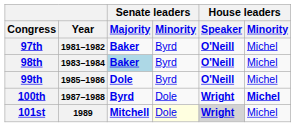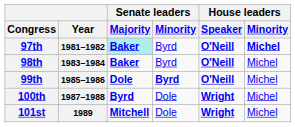 <table class="wikitable" style="margin-left:1em">
 <tr>
 <th colspan=2></th>
 <th colspan=2>Senate leaders</th>
 <th colspan=2>House leaders</th>
 </tr>
 <tr>
 <th>Congress</th>
 <th>Year</th>
 <th><a href='#'>Majority</a></th>
 <th><a href='#'>Minority</a></th>
 <th><a href='#'>Speaker</a></th>
 <th><a href='#'>Minority</a></th>
 </tr>
 <tr>
 <th><a href='#'>97th</a></th>
 <th><small>1981–1982</small></th>
-<td><strong><a href='#'>Baker</a></strong></td>
+<td style="background: paleturquoise;"><strong><a href='#'>Baker</a></strong></td>
 <td><a href='#'>Byrd</a></td>
 <td><strong><a href='#'>O'Neill</a></strong></td>
-<td><a href='#'>Michel</a></td>
+<td><strong><a href='#'>Michel</a></strong></td>
 </tr>
 <tr>
 <th><a href='#'>98th</a></th>
 <th><small>1983–1984</small></th>
-<td style="background: lightblue;"><strong><a href='#'>Baker</a></strong></td>
+<td><strong><a href='#'>Baker</a></strong></td>
 <td><a href='#'>Byrd</a></td>
 <td><strong><a href='#'>O'Neill</a></strong></td>
 <td><a href='#'>Michel</a></td>
 </tr>
 <tr>
 <th><a href='#'>99th</a></th>
 <th><small>1985–1986</small></th>
 <td><strong><a href='#'>Dole</a></strong></td>
-<td><a href='#'>Byrd</a></td>
+<td><strong><a href='#'>Byrd</a></strong></td>
 <td><strong><a href='#'>O'Neill</a></strong></td>
 <td><a href='#'>Michel</a></td>
 </tr>
 <tr>
 <th><a href='#'>100th</a></th>
 <th><small>1987–1988</small></th>
 <td><strong><a href='#'>Byrd</a></strong></td>
 <td><a href='#'>Dole</a></td>
 <td><strong><a href='#'>Wright</a></strong></td>
-<td><strong><a href='#'>Michel</a></strong></td>
+<td><a href='#'>Michel</a></td>
 </tr>
 <tr>
 <th><a href='#'>101st</a></th>
 <th><small>1989</small></th>
 <td><strong><a href='#'>Mitchell</a></strong></td>
-<td style="background: lightyellow;"><a href='#'>Dole</a></td>
-<td style="background: lightgrey;"><strong><a href='#'>Wright</a></strong></td>
+<td><a href='#'>Dole</a></td>
+<td><strong><a href='#'>Wright</a></strong></td>
 <td><a href='#'>Michel</a></td>
 </tr>
 </table>
